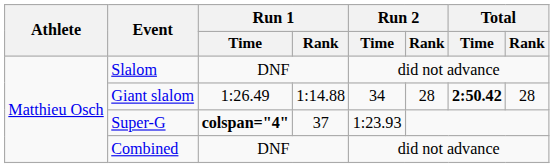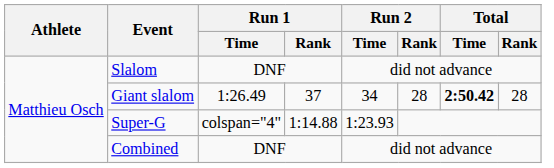 <table class="wikitable" style="font-size:90%">
 <tr>
 <th rowspan=2>Athlete</th>
 <th rowspan=2>Event</th>
 <th colspan=2>Run 1</th>
 <th colspan=2>Run 2</th>
 <th colspan=2>Total</th>
 </tr>
 <tr style="font-size:95%">
 <th>Time</th>
 <th>Rank</th>
 <th>Time</th>
 <th>Rank</th>
 <th>Time</th>
 <th>Rank</th>
 </tr>
 <tr align=center>
 <td align="left" rowspan="4"><a href='#'>Matthieu Osch</a></td>
 <td align="left"><a href='#'>Slalom</a></td>
 <td colspan=2>DNF</td>
 <td colspan=4>did not advance</td>
 </tr>
 <tr align=center>
 <td align="left"><a href='#'>Giant slalom</a></td>
 <td>1:26.49</td>
-<td>1:14.88</td>
+<td>37</td>
 <td>34</td>
 <td>28</td>
 <td><strong>2:50.42</strong></td>
 <td>28</td>
 </tr>
 <tr align=center>
 <td align="left"><a href='#'>Super-G</a></td>
-<td><strong>colspan="4" </strong></td>
-<td>37</td>
+<td>colspan="4" </td>
+<td>1:14.88</td>
 <td>1:23.93</td>
 </tr>
 <tr align=center>
 <td align="left"><a href='#'>Combined</a></td>
 <td colspan=2>DNF</td>
 <td colspan=4>did not advance</td>
 </tr>
 </table>
